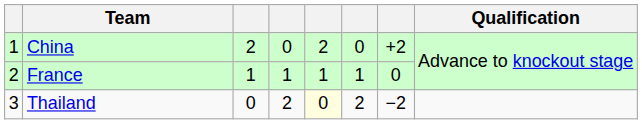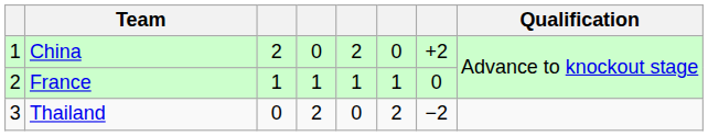 <table class=wikitable style="text-align:center;">
 <tr>
 <th></th>
 <th style="width:180px;">Team</th>
 <th style="width:25px;"></th>
 <th style="width:25px;"></th>
 <th style="width:25px;"></th>
 <th style="width:25px;"></th>
 <th style="width:25px;"></th>
 <th>Qualification</th>
 </tr>
 <tr style="background:#cfc;">
 <td>1</td>
 <td align=left> <a href='#'>China</a></td>
 <td>2</td>
 <td>0</td>
 <td>2</td>
 <td>0</td>
 <td>+2</td>
 <td rowspan=2>Advance to <a href='#'>knockout stage</a></td>
 </tr>
 <tr style="background:#cfc;">
 <td>2</td>
 <td align=left> <a href='#'>France</a></td>
 <td>1</td>
 <td>1</td>
 <td>1</td>
 <td>1</td>
 <td>0</td>
 </tr>
 <tr>
 <td>3</td>
 <td align=left> <a href='#'>Thailand</a></td>
 <td>0</td>
 <td>2</td>
-<td style="background: lightyellow;">0</td>
+<td>0</td>
 <td>2</td>
 <td>−2</td>
 <td></td>
 </tr>
 </table>
